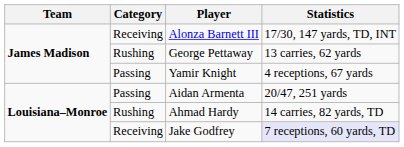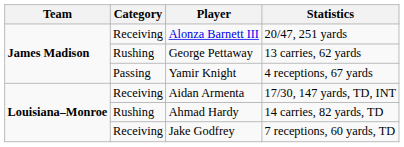 <table class="wikitable" style="float: right;">
 <tr>
 <th>Team</th>
 <th>Category</th>
 <th>Player</th>
 <th>Statistics</th>
 </tr>
 <tr>
 <td rowspan=3><strong>James Madison</strong></td>
 <td>Receiving</td>
 <td><a href='#'>Alonza Barnett III</a></td>
-<td>17/30, 147 yards, TD, INT</td>
+<td>20/47, 251 yards</td>
 </tr>
 <tr>
 <td>Rushing</td>
 <td>George Pettaway</td>
 <td>13 carries, 62 yards</td>
 </tr>
 <tr>
 <td>Passing</td>
 <td>Yamir Knight</td>
 <td>4 receptions, 67 yards</td>
 </tr>
 <tr>
 <td rowspan=3><strong>Louisiana–Monroe</strong></td>
-<td>Passing</td>
+<td>Receiving</td>
 <td>Aidan Armenta</td>
-<td>20/47, 251 yards</td>
+<td>17/30, 147 yards, TD, INT</td>
 </tr>
 <tr>
 <td>Rushing</td>
 <td>Ahmad Hardy</td>
 <td>14 carries, 82 yards, TD</td>
 </tr>
 <tr>
 <td>Receiving</td>
 <td>Jake Godfrey</td>
-<td style="background: lavender;">7 receptions, 60 yards, TD</td>
+<td>7 receptions, 60 yards, TD</td>
 </tr>
 </table>
